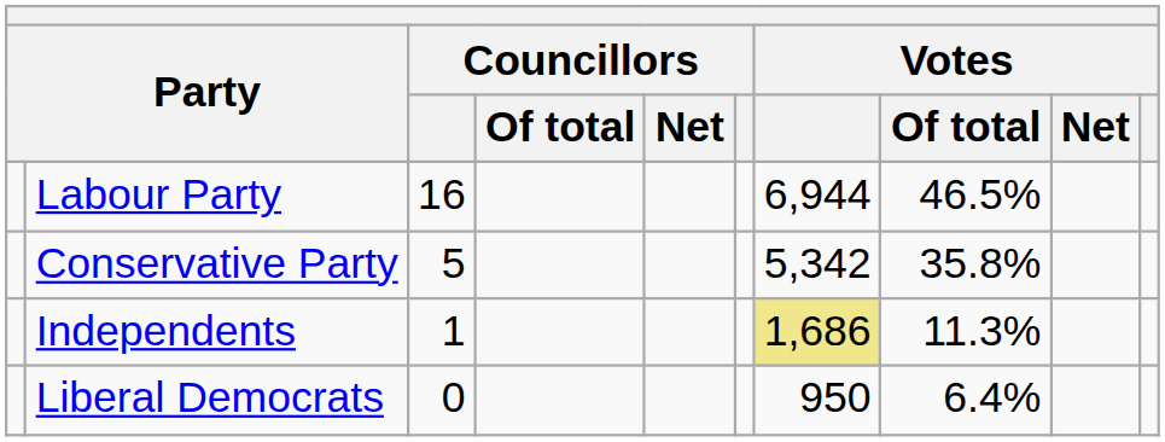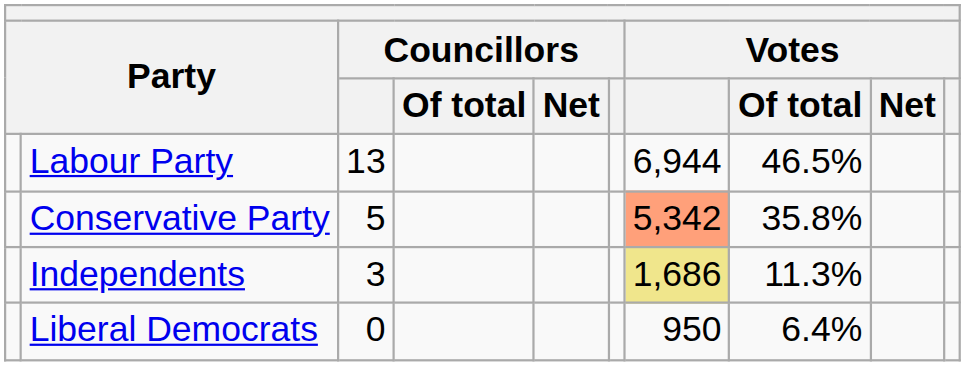 <table class="wikitable sortable" style="text-align:center;">
 <tr>
 <th colspan="10"></th>
 </tr>
 <tr>
 <th colspan="2" rowspan="2">Party</th>
 <th colspan="4">Councillors</th>
 <th colspan="4">Votes</th>
 </tr>
 <tr>
 <th></th>
 <th>Of total</th>
 <th>Net</th>
 <th class="unsortable"></th>
 <th></th>
 <th>Of total</th>
 <th>Net</th>
 <th class="unsortable"></th>
 </tr>
 <tr>
 <td style="background:"></td>
 <td style="text-align:left;"><a href='#'>Labour Party</a></td>
-<td style="text-align:right;">16</td>
+<td style="text-align:right;">13</td>
 <td style="text-align:right;"></td>
 <td style="text-align:right;"></td>
 <td data-sort-value=""></td>
 <td style="text-align:right;">6,944</td>
 <td style="text-align:right;">46.5%</td>
 <td style="text-align:right;"></td>
 <td></td>
 </tr>
 <tr>
 <td style="background:"></td>
 <td style="text-align:left;"><a href='#'>Conservative Party</a></td>
 <td style="text-align:right;">5</td>
 <td style="text-align:right;"></td>
 <td style="text-align:right;"></td>
 <td data-sort-value=""></td>
-<td style="text-align:right;">5,342</td>
+<td style="background: lightsalmon; text-align:right;">5,342</td>
 <td style="text-align:right;">35.8%</td>
 <td style="text-align:right;"></td>
 <td></td>
 </tr>
 <tr>
 <td style="background:"></td>
 <td style="text-align:left;"><a href='#'>Independents</a></td>
-<td style="text-align:right;">1</td>
+<td style="text-align:right;">3</td>
 <td style="text-align:right;"></td>
 <td style="text-align:right;"></td>
 <td data-sort-value=""></td>
 <td style="background: khaki; text-align:right;">1,686</td>
 <td style="text-align:right;">11.3%</td>
 <td style="text-align:right;"></td>
 <td></td>
 </tr>
 <tr>
 <td style="background:"></td>
 <td style="text-align:left;"><a href='#'>Liberal Democrats</a></td>
 <td style="text-align:right;">0</td>
 <td style="text-align:right;"></td>
 <td style="text-align:right;"></td>
 <td data-sort-value=""></td>
 <td style="text-align:right;">950</td>
 <td style="text-align:right;">6.4%</td>
 <td style="text-align:right;"></td>
 <td></td>
 </tr>
 </table>
